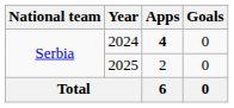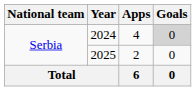 <table class="wikitable" style="text-align:center">
 <tr>
 <th>National team</th>
 <th>Year</th>
 <th>Apps</th>
 <th>Goals</th>
 </tr>
 <tr>
 <td rowspan="2"><a href='#'>Serbia</a></td>
 <td>2024</td>
-<td><strong>4</strong></td>
-<td>0</td>
+<td>4</td>
+<td style="background: lightgrey;">0</td>
 </tr>
 <tr>
 <td>2025</td>
 <td>2</td>
 <td>0</td>
 </tr>
 <tr>
 <th colspan="2">Total</th>
 <th>6</th>
 <th>0</th>
 </tr>
 </table>
